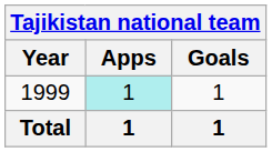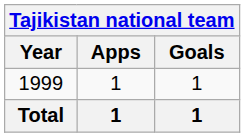 <table class="wikitable" style="text-align:center">
 <tr>
 <th colspan=3><a href='#'>Tajikistan national team</a></th>
 </tr>
 <tr>
 <th>Year</th>
 <th>Apps</th>
 <th>Goals</th>
 </tr>
 <tr>
 <td>1999</td>
-<td style="background: paleturquoise;">1</td>
+<td>1</td>
 <td>1</td>
 </tr>
 <tr>
 <th>Total</th>
 <th>1</th>
 <th>1</th>
 </tr>
 </table>
